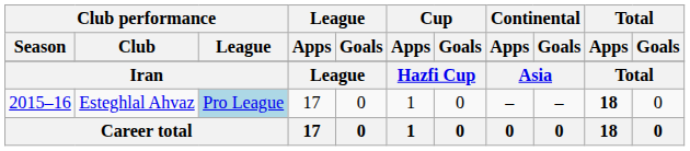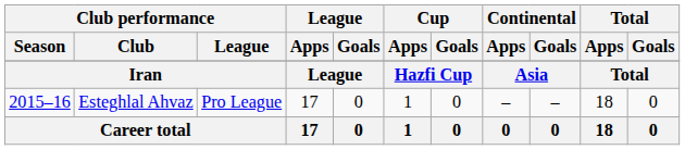 <table class="wikitable" style="text-align:center">
 <tr>
 <th colspan=3>Club performance</th>
 <th colspan=2>League</th>
 <th colspan=2>Cup</th>
 <th colspan=2>Continental</th>
 <th colspan=2>Total</th>
 </tr>
 <tr>
 <th>Season</th>
 <th>Club</th>
 <th>League</th>
 <th>Apps</th>
 <th>Goals</th>
 <th>Apps</th>
 <th>Goals</th>
 <th>Apps</th>
 <th>Goals</th>
 <th>Apps</th>
 <th>Goals</th>
 </tr>
 <tr>
 </tr>
 <tr>
 <th colspan=3>Iran</th>
 <th colspan=2>League</th>
 <th colspan=2><a href='#'>Hazfi Cup</a></th>
 <th colspan=2><a href='#'>Asia</a></th>
 <th colspan=2>Total</th>
 </tr>
 <tr>
 <td><a href='#'>2015–16</a></td>
 <td rowspan="1"><a href='#'>Esteghlal Ahvaz</a></td>
-<td rowspan="1" style="background: lightblue;"><a href='#'>Pro League</a></td>
+<td rowspan="1"><a href='#'>Pro League</a></td>
 <td>17</td>
 <td>0</td>
 <td>1</td>
 <td>0</td>
 <td>–</td>
 <td>–</td>
-<td><strong>18</strong></td>
+<td>18</td>
 <td>0</td>
 </tr>
 <tr>
 <th colspan=3>Career total</th>
 <th>17</th>
 <th>0</th>
 <th>1</th>
 <th>0</th>
 <th>0</th>
 <th>0</th>
 <th>18</th>
 <th>0</th>
 </tr>
 </table>
